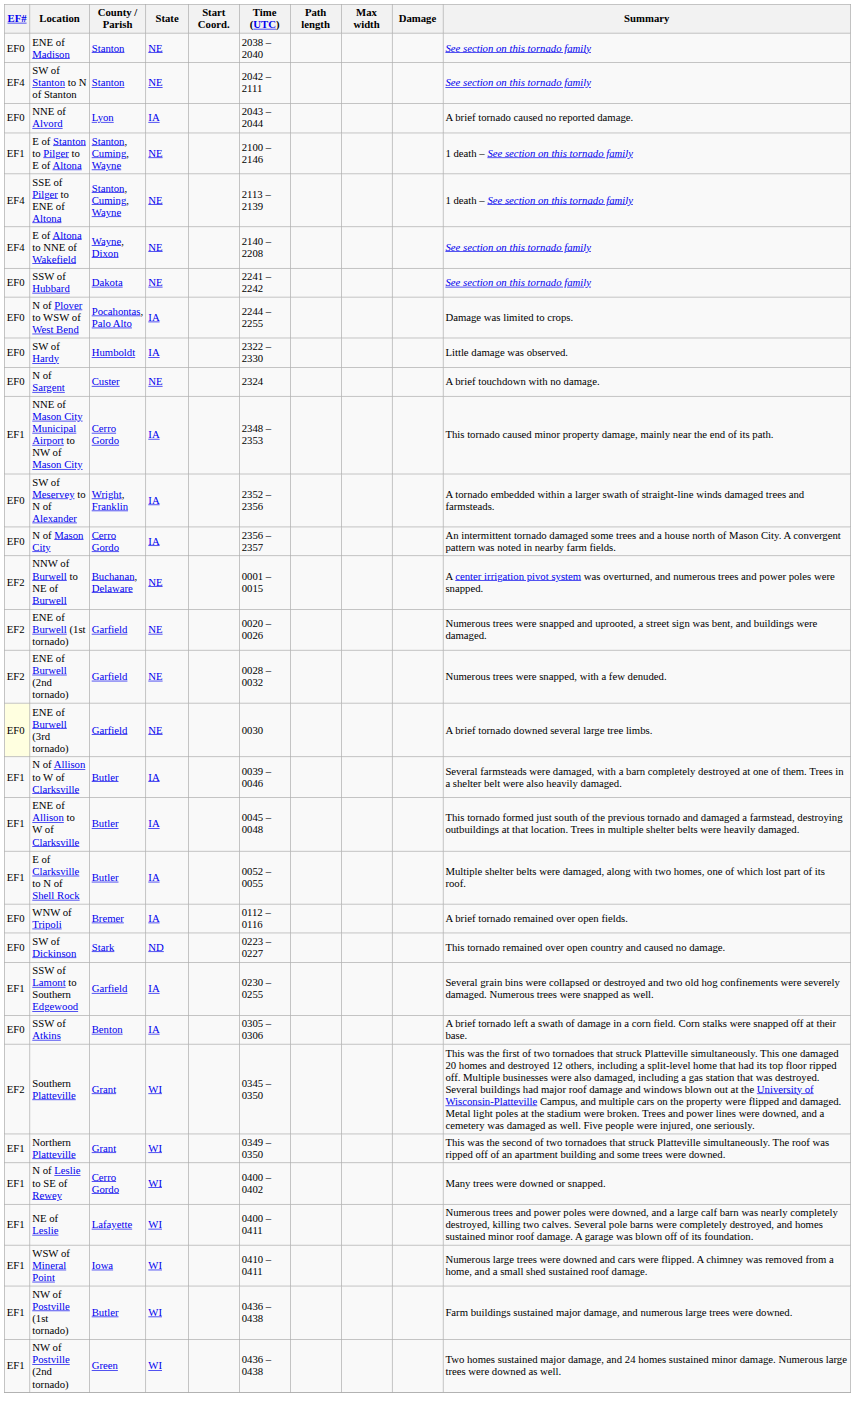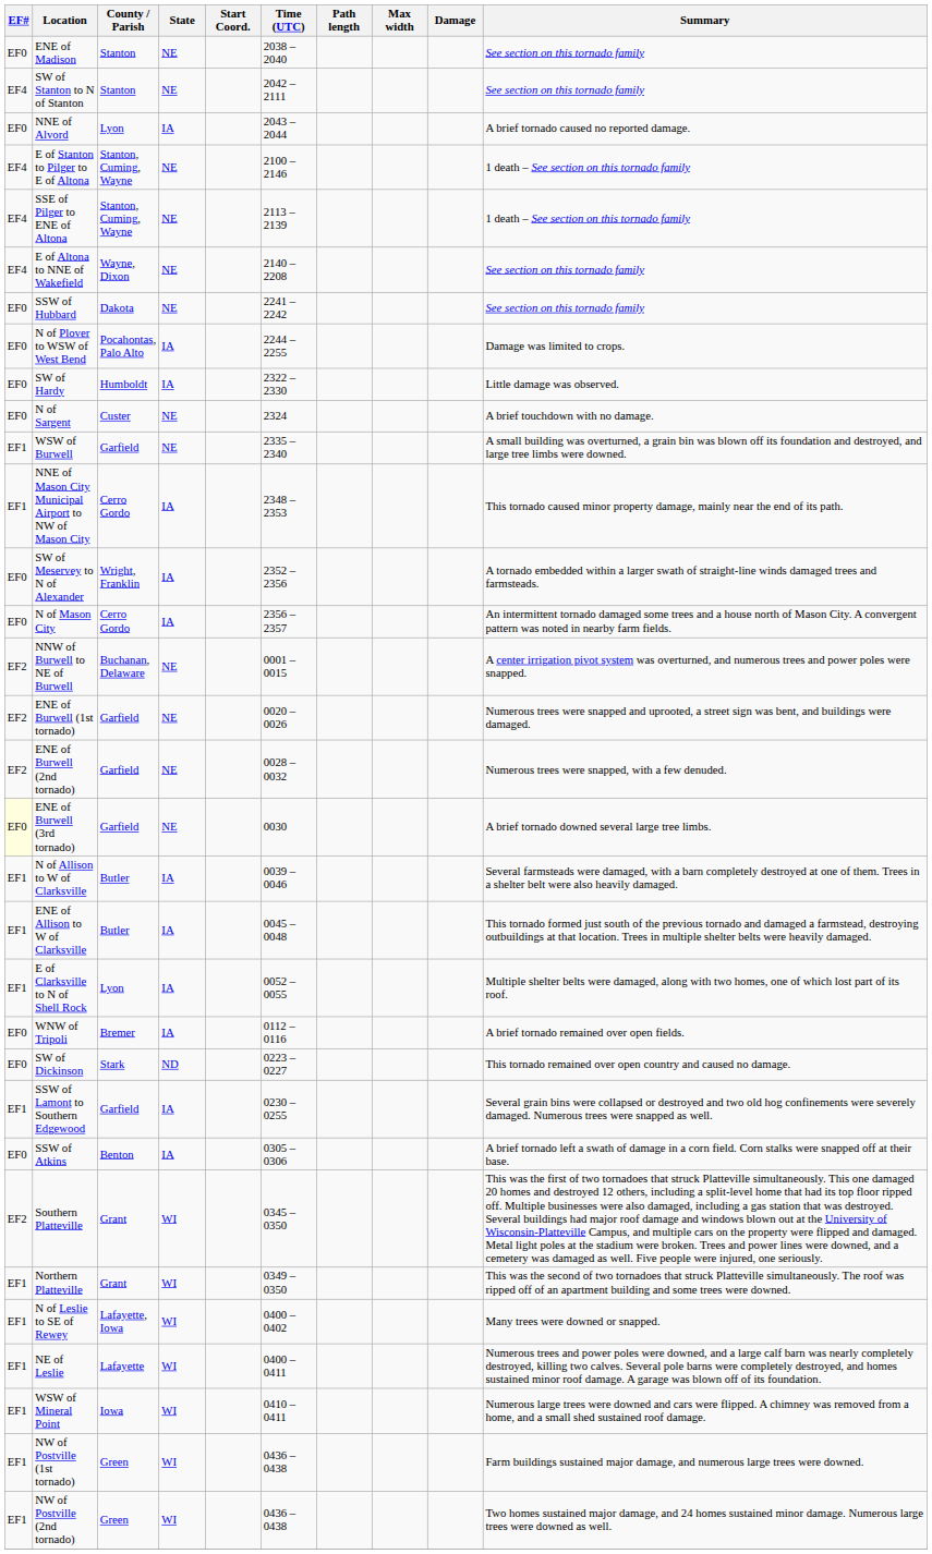 <table class="wikitable sortable" style="width:100%;">
 <tr>
 <th scope="col" width="3%" align="center"><a href='#'>EF#</a></th>
 <th scope="col" width="7%" align="center" class="unsortable">Location</th>
 <th scope="col" width="6%" align="center" class="unsortable">County / Parish</th>
 <th scope="col" width="5%" align="center">State</th>
 <th scope="col" width="6%" align="center">Start Coord.</th>
 <th scope="col" width="6%" align="center">Time (<a href='#'>UTC</a>)</th>
 <th scope="col" width="6%" align="center">Path length</th>
 <th scope="col" width="6%" align="center">Max width</th>
 <th scope="col" width="6%" align="center">Damage</th>
 <th scope="col" width="48%" class="unsortable" align="center">Summary</th>
 </tr>
 <tr>
 <td>EF0</td>
 <td>ENE of <a href='#'>Madison</a></td>
 <td><a href='#'>Stanton</a></td>
 <td><a href='#'>NE</a></td>
 <td></td>
 <td>2038 – 2040</td>
 <td></td>
 <td></td>
 <td></td>
 <td><em><a href='#'>See section on this tornado family</a></em></td>
 </tr>
 <tr>
 <td>EF4</td>
 <td>SW of <a href='#'>Stanton</a> to N of Stanton</td>
 <td><a href='#'>Stanton</a></td>
 <td><a href='#'>NE</a></td>
 <td></td>
 <td>2042 – 2111</td>
 <td></td>
 <td></td>
 <td></td>
 <td><em><a href='#'>See section on this tornado family</a></em></td>
 </tr>
 <tr>
 <td>EF0</td>
 <td>NNE of <a href='#'>Alvord</a></td>
 <td><a href='#'>Lyon</a></td>
 <td><a href='#'>IA</a></td>
 <td></td>
 <td>2043 – 2044</td>
 <td></td>
 <td></td>
 <td></td>
 <td>A brief tornado caused no reported damage.</td>
 </tr>
 <tr>
-<td>EF1</td>
+<td>EF4</td>
 <td>E of <a href='#'>Stanton</a> to <a href='#'>Pilger</a> to E of <a href='#'>Altona</a></td>
 <td><a href='#'>Stanton</a>, <a href='#'>Cuming</a>, <a href='#'>Wayne</a></td>
 <td><a href='#'>NE</a></td>
 <td></td>
 <td>2100 – 2146</td>
 <td></td>
 <td></td>
 <td></td>
 <td>1 death – <em><a href='#'>See section on this tornado family</a></em></td>
 </tr>
 <tr>
 <td>EF4</td>
 <td>SSE of <a href='#'>Pilger</a> to ENE of <a href='#'>Altona</a></td>
 <td><a href='#'>Stanton</a>, <a href='#'>Cuming</a>, <a href='#'>Wayne</a></td>
 <td><a href='#'>NE</a></td>
 <td></td>
 <td>2113 – 2139</td>
 <td></td>
 <td></td>
 <td></td>
 <td>1 death – <em><a href='#'>See section on this tornado family</a></em></td>
 </tr>
 <tr>
 <td>EF4</td>
 <td>E of <a href='#'>Altona</a> to NNE of <a href='#'>Wakefield</a></td>
 <td><a href='#'>Wayne</a>, <a href='#'>Dixon</a></td>
 <td><a href='#'>NE</a></td>
 <td></td>
 <td>2140 – 2208</td>
 <td></td>
 <td></td>
 <td></td>
 <td><em><a href='#'>See section on this tornado family</a></em></td>
 </tr>
 <tr>
 <td>EF0</td>
 <td>SSW of <a href='#'>Hubbard</a></td>
 <td><a href='#'>Dakota</a></td>
 <td><a href='#'>NE</a></td>
 <td></td>
 <td>2241 – 2242</td>
 <td></td>
 <td></td>
 <td></td>
 <td><em><a href='#'>See section on this tornado family</a></em></td>
 </tr>
 <tr>
 <td>EF0</td>
 <td>N of <a href='#'>Plover</a> to WSW of <a href='#'>West Bend</a></td>
 <td><a href='#'>Pocahontas</a>, <a href='#'>Palo Alto</a></td>
 <td><a href='#'>IA</a></td>
 <td></td>
 <td>2244 – 2255</td>
 <td></td>
 <td></td>
 <td></td>
 <td>Damage was limited to crops.</td>
 </tr>
 <tr>
 <td>EF0</td>
 <td>SW of <a href='#'>Hardy</a></td>
 <td><a href='#'>Humboldt</a></td>
 <td><a href='#'>IA</a></td>
 <td></td>
 <td>2322 – 2330</td>
 <td></td>
 <td></td>
 <td></td>
 <td>Little damage was observed.</td>
 </tr>
 <tr>
 <td>EF0</td>
 <td>N of <a href='#'>Sargent</a></td>
 <td><a href='#'>Custer</a></td>
 <td><a href='#'>NE</a></td>
 <td></td>
 <td>2324</td>
 <td></td>
 <td></td>
 <td></td>
 <td>A brief touchdown with no damage.</td>
+</tr>
+<tr>
+<td>EF1</td>
+<td>WSW of <a href='#'>Burwell</a></td>
+<td><a href='#'>Garfield</a></td>
+<td><a href='#'>NE</a></td>
+<td></td>
+<td>2335 – 2340</td>
+<td></td>
+<td></td>
+<td></td>
+<td>A small building was overturned, a grain bin was blown off its foundation and destroyed, and large tree limbs were downed.</td>
 </tr>
 <tr>
 <td>EF1</td>
 <td>NNE of <a href='#'>Mason City Municipal Airport</a> to NW of <a href='#'>Mason City</a></td>
 <td><a href='#'>Cerro Gordo</a></td>
 <td><a href='#'>IA</a></td>
 <td></td>
 <td>2348 – 2353</td>
 <td></td>
 <td></td>
 <td></td>
 <td>This tornado caused minor property damage, mainly near the end of its path.</td>
 </tr>
 <tr>
 <td>EF0</td>
 <td>SW of <a href='#'>Meservey</a> to N of <a href='#'>Alexander</a></td>
 <td><a href='#'>Wright</a>, <a href='#'>Franklin</a></td>
 <td><a href='#'>IA</a></td>
 <td></td>
 <td>2352 – 2356</td>
 <td></td>
 <td></td>
 <td></td>
 <td>A tornado embedded within a larger swath of straight-line winds damaged trees and farmsteads.</td>
 </tr>
 <tr>
 <td>EF0</td>
 <td>N of <a href='#'>Mason City</a></td>
 <td><a href='#'>Cerro Gordo</a></td>
 <td><a href='#'>IA</a></td>
 <td></td>
 <td>2356 – 2357</td>
 <td></td>
 <td></td>
 <td></td>
 <td>An intermittent tornado damaged some trees and a house north of Mason City. A convergent pattern was noted in nearby farm fields.</td>
 </tr>
 <tr>
 <td>EF2</td>
 <td>NNW of <a href='#'>Burwell</a> to NE of <a href='#'>Burwell</a></td>
 <td><a href='#'>Buchanan</a>, <a href='#'>Delaware</a></td>
 <td><a href='#'>NE</a></td>
 <td></td>
 <td>0001 – 0015</td>
 <td></td>
 <td></td>
 <td></td>
 <td>A <a href='#'>center irrigation pivot system</a> was overturned, and numerous trees and power poles were snapped.</td>
 </tr>
 <tr>
 <td>EF2</td>
 <td>ENE of <a href='#'>Burwell</a> (1st tornado)</td>
 <td><a href='#'>Garfield</a></td>
 <td><a href='#'>NE</a></td>
 <td></td>
 <td>0020 – 0026</td>
 <td></td>
 <td></td>
 <td></td>
 <td>Numerous trees were snapped and uprooted, a street sign was bent, and buildings were damaged.</td>
 </tr>
 <tr>
 <td>EF2</td>
 <td>ENE of <a href='#'>Burwell</a> (2nd tornado)</td>
 <td><a href='#'>Garfield</a></td>
 <td><a href='#'>NE</a></td>
 <td></td>
 <td>0028 – 0032</td>
 <td></td>
 <td></td>
 <td></td>
 <td>Numerous trees were snapped, with a few denuded.</td>
 </tr>
 <tr>
 <td style="background: lightyellow;">EF0</td>
 <td>ENE of <a href='#'>Burwell</a> (3rd tornado)</td>
 <td><a href='#'>Garfield</a></td>
 <td><a href='#'>NE</a></td>
 <td></td>
 <td>0030</td>
 <td></td>
 <td></td>
 <td></td>
 <td>A brief tornado downed several large tree limbs.</td>
 </tr>
 <tr>
 <td>EF1</td>
 <td>N of <a href='#'>Allison</a> to W of <a href='#'>Clarksville</a></td>
 <td><a href='#'>Butler</a></td>
 <td><a href='#'>IA</a></td>
 <td></td>
 <td>0039 – 0046</td>
 <td></td>
 <td></td>
 <td></td>
 <td>Several farmsteads were damaged, with a barn completely destroyed at one of them. Trees in a shelter belt were also heavily damaged.</td>
 </tr>
 <tr>
 <td>EF1</td>
 <td>ENE of <a href='#'>Allison</a> to W of <a href='#'>Clarksville</a></td>
 <td><a href='#'>Butler</a></td>
 <td><a href='#'>IA</a></td>
 <td></td>
 <td>0045 – 0048</td>
 <td></td>
 <td></td>
 <td></td>
 <td>This tornado formed just south of the previous tornado and damaged a farmstead, destroying outbuildings at that location. Trees in multiple shelter belts were heavily damaged.</td>
 </tr>
 <tr>
 <td>EF1</td>
 <td>E of <a href='#'>Clarksville</a> to N of <a href='#'>Shell Rock</a></td>
-<td><a href='#'>Butler</a></td>
+<td><a href='#'>Lyon</a></td>
 <td><a href='#'>IA</a></td>
 <td></td>
 <td>0052 – 0055</td>
 <td></td>
 <td></td>
 <td></td>
 <td>Multiple shelter belts were damaged, along with two homes, one of which lost part of its roof.</td>
 </tr>
 <tr>
 <td>EF0</td>
 <td>WNW of <a href='#'>Tripoli</a></td>
 <td><a href='#'>Bremer</a></td>
 <td><a href='#'>IA</a></td>
 <td></td>
 <td>0112 – 0116</td>
 <td></td>
 <td></td>
 <td></td>
 <td>A brief tornado remained over open fields.</td>
 </tr>
 <tr>
 <td>EF0</td>
 <td>SW of <a href='#'>Dickinson</a></td>
 <td><a href='#'>Stark</a></td>
 <td><a href='#'>ND</a></td>
 <td></td>
 <td>0223 – 0227</td>
 <td></td>
 <td></td>
 <td></td>
 <td>This tornado remained over open country and caused no damage.</td>
 </tr>
 <tr>
 <td>EF1</td>
 <td>SSW of <a href='#'>Lamont</a> to Southern <a href='#'>Edgewood</a></td>
 <td><a href='#'>Garfield</a></td>
 <td><a href='#'>IA</a></td>
 <td></td>
 <td>0230 – 0255</td>
 <td></td>
 <td></td>
 <td></td>
 <td>Several grain bins were collapsed or destroyed and two old hog confinements were severely damaged. Numerous trees were snapped as well.</td>
 </tr>
 <tr>
 <td>EF0</td>
 <td>SSW of <a href='#'>Atkins</a></td>
 <td><a href='#'>Benton</a></td>
 <td><a href='#'>IA</a></td>
 <td></td>
 <td>0305 – 0306</td>
 <td></td>
 <td></td>
 <td></td>
 <td>A brief tornado left a swath of damage in a corn field. Corn stalks were snapped off at their base.</td>
 </tr>
 <tr>
 <td>EF2</td>
 <td>Southern <a href='#'>Platteville</a></td>
 <td><a href='#'>Grant</a></td>
 <td><a href='#'>WI</a></td>
 <td></td>
 <td>0345 – 0350</td>
 <td></td>
 <td></td>
 <td></td>
 <td>This was the first of two tornadoes that struck Platteville simultaneously. This one damaged 20 homes and destroyed 12 others, including a split-level home that had its top floor ripped off. Multiple businesses were also damaged, including a gas station that was destroyed. Several buildings had major roof damage and windows blown out at the <a href='#'>University of Wisconsin-Platteville</a> Campus, and multiple cars on the property were flipped and damaged. Metal light poles at the stadium were broken. Trees and power lines were downed, and a cemetery was damaged as well. Five people were injured, one seriously.</td>
 </tr>
 <tr>
 <td>EF1</td>
 <td>Northern <a href='#'>Platteville</a></td>
 <td><a href='#'>Grant</a></td>
 <td><a href='#'>WI</a></td>
 <td></td>
 <td>0349 – 0350</td>
 <td></td>
 <td></td>
 <td></td>
 <td>This was the second of two tornadoes that struck Platteville simultaneously. The roof was ripped off of an apartment building and some trees were downed.</td>
 </tr>
 <tr>
 <td>EF1</td>
 <td>N of <a href='#'>Leslie</a> to SE of <a href='#'>Rewey</a></td>
-<td><a href='#'>Cerro Gordo</a></td>
+<td><a href='#'>Lafayette</a>, <a href='#'>Iowa</a></td>
 <td><a href='#'>WI</a></td>
 <td></td>
 <td>0400 – 0402</td>
 <td></td>
 <td></td>
 <td></td>
 <td>Many trees were downed or snapped.</td>
 </tr>
 <tr>
 <td>EF1</td>
 <td>NE of <a href='#'>Leslie</a></td>
 <td><a href='#'>Lafayette</a></td>
 <td><a href='#'>WI</a></td>
 <td></td>
 <td>0400 – 0411</td>
 <td></td>
 <td></td>
 <td></td>
 <td>Numerous trees and power poles were downed, and a large calf barn was nearly completely destroyed, killing two calves. Several pole barns were completely destroyed, and homes sustained minor roof damage. A garage was blown off of its foundation.</td>
 </tr>
 <tr>
 <td>EF1</td>
 <td>WSW of <a href='#'>Mineral Point</a></td>
 <td><a href='#'>Iowa</a></td>
 <td><a href='#'>WI</a></td>
 <td></td>
 <td>0410 – 0411</td>
 <td></td>
 <td></td>
 <td></td>
 <td>Numerous large trees were downed and cars were flipped. A chimney was removed from a home, and a small shed sustained roof damage.</td>
 </tr>
 <tr>
 <td>EF1</td>
 <td>NW of <a href='#'>Postville</a> (1st tornado)</td>
-<td><a href='#'>Butler</a></td>
+<td><a href='#'>Green</a></td>
 <td><a href='#'>WI</a></td>
 <td></td>
 <td>0436 – 0438</td>
 <td></td>
 <td></td>
 <td></td>
 <td>Farm buildings sustained major damage, and numerous large trees were downed.</td>
 </tr>
 <tr>
 <td>EF1</td>
 <td>NW of <a href='#'>Postville</a> (2nd tornado)</td>
 <td><a href='#'>Green</a></td>
 <td><a href='#'>WI</a></td>
 <td></td>
 <td>0436 – 0438</td>
 <td></td>
 <td></td>
 <td></td>
 <td>Two homes sustained major damage, and 24 homes sustained minor damage. Numerous large trees were downed as well.</td>
 </tr>
 <tr>
 </tr>
 </table>
